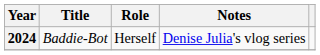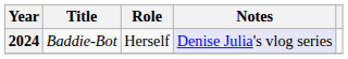 <table class="wikitable plainrowheaders sortable" style="text-align:center">
 <tr>
 <th scope="col">Year</th>
 <th scope="col">Title</th>
 <th scope="col">Role</th>
 <th scope="col">Notes</th>
 <th class="unsortable"></th>
 </tr>
 <tr>
 <th scope="row" rowspan="1">2024</th>
 <td><em>Baddie-Bot</em></td>
 <td>Herself</td>
-<td><a href='#'>Denise Julia</a>'s vlog series</td>
+<td style="background: lavender;"><a href='#'>Denise Julia</a>'s vlog series</td>
 <td></td>
 </tr>
 <tr>
 </tr>
 </table>
